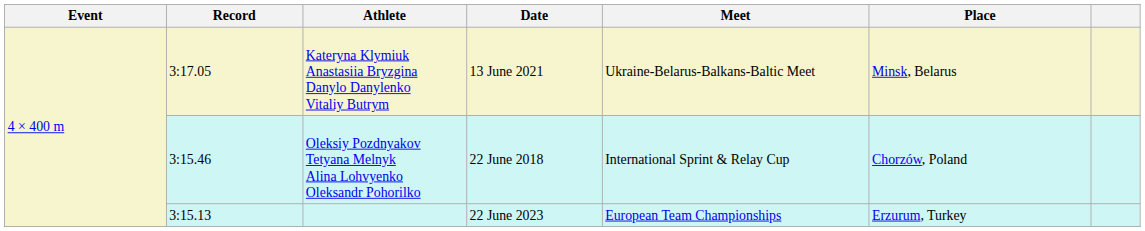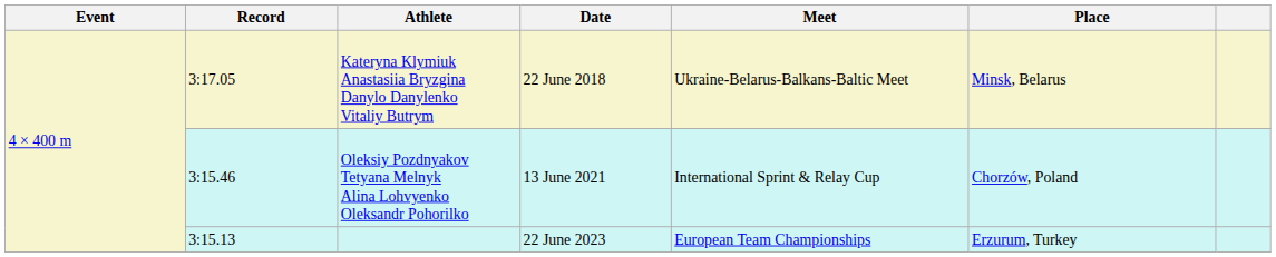 <table class="wikitable" style="font-size:95%">
 <tr>
 <th width=180>Event</th>
 <th width=150>Record</th>
 <th width=180>Athlete</th>
 <th width=150>Date</th>
 <th width=300>Meet</th>
 <th width=250>Place</th>
 <th width=50></th>
 </tr>
 <tr style="background:#f6F5CE;">
 <td rowspan=3><a href='#'>4 × 400 m</a></td>
 <td>3:17.05</td>
 <td><br><a href='#'>Kateryna Klymiuk</a><br><a href='#'>Anastasiia Bryzgina</a><br><a href='#'>Danylo Danylenko</a><br><a href='#'>Vitaliy Butrym</a></td>
-<td>13 June 2021</td>
+<td>22 June 2018</td>
 <td>Ukraine-Belarus-Balkans-Baltic Meet</td>
 <td><a href='#'>Minsk</a>, Belarus</td>
 <td align=center></td>
 </tr>
 <tr bgcolor="#CEF6F5">
 <td>3:15.46</td>
 <td><br><a href='#'>Oleksiy Pozdnyakov</a><br><a href='#'>Tetyana Melnyk</a><br><a href='#'>Alina Lohvyenko</a><br><a href='#'>Oleksandr Pohorilko</a></td>
-<td>22 June 2018</td>
+<td>13 June 2021</td>
 <td>International Sprint & Relay Cup</td>
 <td><a href='#'>Chorzów</a>, Poland</td>
 <td></td>
 </tr>
 <tr bgcolor="#CEF6F5">
 <td>3:15.13</td>
 <td></td>
 <td>22 June 2023</td>
 <td><a href='#'>European Team Championships</a></td>
 <td><a href='#'>Erzurum</a>, Turkey</td>
 <td></td>
 </tr>
 </table>
